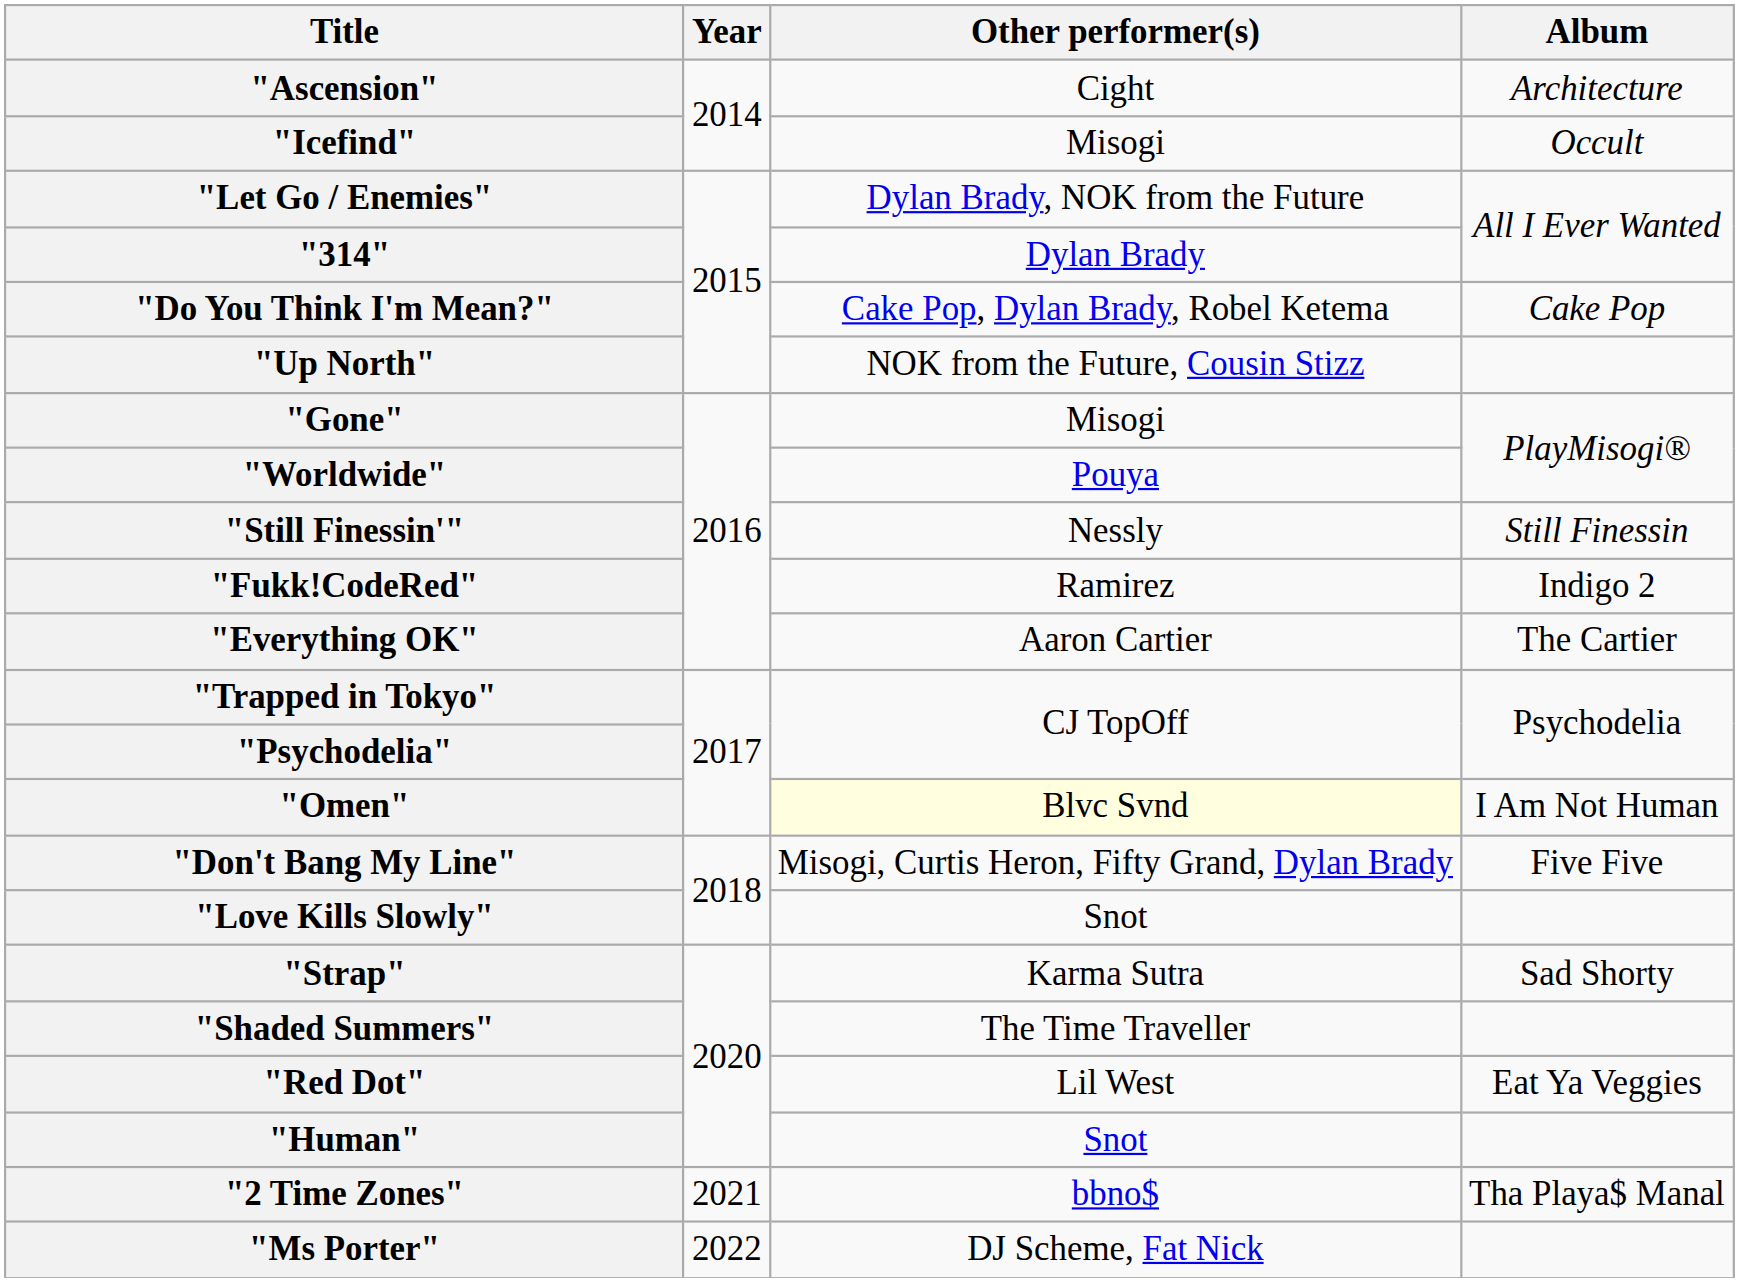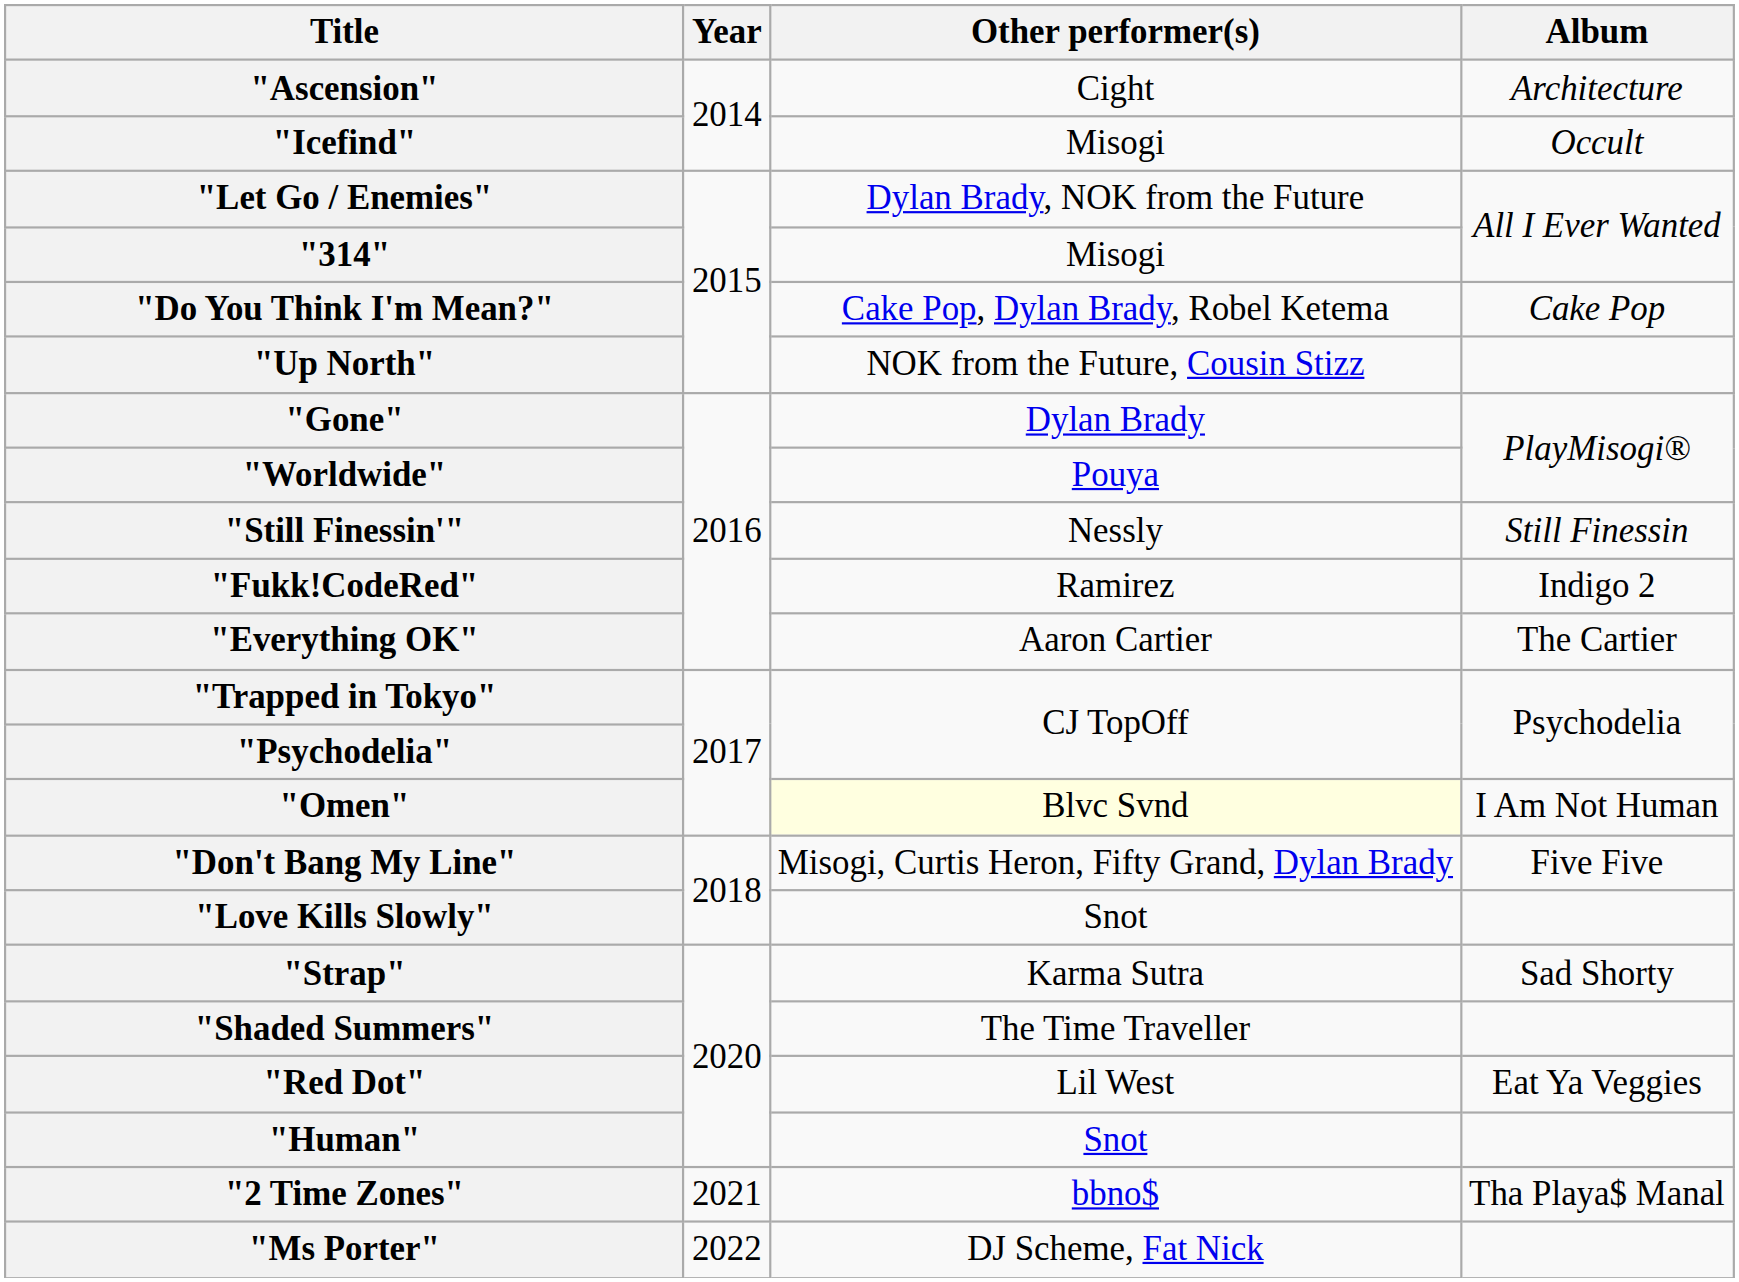 <table class="wikitable plainrowheaders" style="text-align:center;">
 <tr>
 <th style="width:19em;">Title</th>
 <th>Year</th>
 <th>Other performer(s)</th>
 <th>Album</th>
 </tr>
 <tr>
 <th scope="row">"Ascension"</th>
 <td rowspan="2">2014</td>
 <td>Cight</td>
 <td><em>Architecture</em></td>
 </tr>
 <tr>
 <th scope="row">"Icefind"</th>
 <td>Misogi</td>
 <td><em>Occult</em></td>
 </tr>
 <tr>
 <th scope="row">"Let Go / Enemies"</th>
 <td rowspan="4">2015</td>
 <td><a href='#'>Dylan Brady</a>, NOK from the Future</td>
 <td rowspan="2"><em>All I Ever Wanted</em></td>
 </tr>
 <tr>
 <th scope="row">"314"</th>
-<td><a href='#'>Dylan Brady</a></td>
+<td>Misogi</td>
 </tr>
 <tr>
 <th scope="row">"Do You Think I'm Mean?"</th>
 <td><a href='#'>Cake Pop</a>, <a href='#'>Dylan Brady</a>, Robel Ketema</td>
 <td><em>Cake Pop</em></td>
 </tr>
 <tr>
 <th scope="row">"Up North"</th>
 <td>NOK from the Future, <a href='#'>Cousin Stizz</a></td>
 <td></td>
 </tr>
 <tr>
 <th scope="row">"Gone"</th>
 <td rowspan="5">2016</td>
-<td>Misogi</td>
+<td><a href='#'>Dylan Brady</a></td>
 <td rowspan="2"><em>PlayMisogi®</em></td>
 </tr>
 <tr>
 <th scope="row">"Worldwide"</th>
 <td><a href='#'>Pouya</a></td>
 </tr>
 <tr>
 <th scope="row">"Still Finessin'"</th>
 <td>Nessly</td>
 <td><em>Still Finessin<strong></td>
 </tr>
 <tr>
 <th scope="row">"Fukk!CodeRed"</th>
 <td>Ramirez</td>
 <td></em>Indigo 2<em></td>
 </tr>
 <tr>
 <th scope="row">"Everything OK"</th>
 <td>Aaron Cartier</td>
 <td></em>The Cartier<em></td>
 </tr>
 <tr>
 <th scope="row">"Trapped in Tokyo"</th>
 <td rowspan="3">2017</td>
 <td rowspan="2">CJ TopOff</td>
 <td rowspan="2"></em>Psychodelia<em></td>
 </tr>
 <tr>
 <th scope="row">"Psychodelia"</th>
 </tr>
 <tr>
 <th scope="row">"Omen"</th>
 <td style="background: lightyellow;">Blvc Svnd</td>
 <td></em>I Am Not Human<em></td>
 </tr>
 <tr>
 <th scope="row">"Don't Bang My Line"</th>
 <td rowspan="2">2018</td>
 <td>Misogi, Curtis Heron, Fifty Grand, <a href='#'>Dylan Brady</a></td>
 <td></em>Five Five<em></td>
 </tr>
 <tr>
 <th scope="row">"Love Kills Slowly"</th>
 <td>Snot</td>
 <td></td>
 </tr>
 <tr>
 <th scope="row">"Strap"</th>
 <td rowspan="4">2020</td>
 <td>Karma Sutra</td>
 <td></em>Sad Shorty<em></td>
 </tr>
 <tr>
 <th scope="row">"Shaded Summers"</th>
 <td>The Time Traveller</td>
 <td></td>
 </tr>
 <tr>
 <th scope="row">"Red Dot"</th>
 <td>Lil West</td>
 <td></em>Eat Ya Veggies<em></td>
 </tr>
 <tr>
 <th scope="row">"Human"</th>
 <td><a href='#'>Snot</a></td>
 <td></td>
 </tr>
 <tr>
 <th scope="row">"2 Time Zones"</th>
 <td>2021</td>
 <td><a href='#'>bbno$</a></td>
 <td></em>Tha Playa$ Manal<em></td>
 </tr>
 <tr>
 <th scope="row">"Ms Porter"</th>
 <td>2022</td>
 <td>DJ Scheme, <a href='#'>Fat Nick</a></td>
 <td></td>
 </tr>
 </table>
